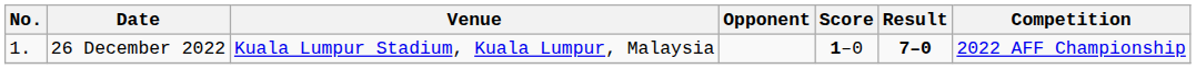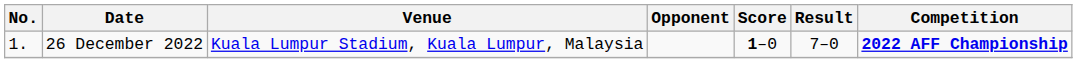 <table class="wikitable">
 <tr>
 <th>No.</th>
 <th>Date</th>
 <th>Venue</th>
 <th>Opponent</th>
 <th>Score</th>
 <th>Result</th>
 <th>Competition</th>
 </tr>
 <tr>
 <td>1.</td>
 <td>26 December 2022</td>
 <td><a href='#'>Kuala Lumpur Stadium</a>, <a href='#'>Kuala Lumpur</a>, Malaysia</td>
 <td></td>
 <td align=center><strong>1</strong>–0</td>
-<td align=center><strong>7–0</strong></td>
-<td><a href='#'>2022 AFF Championship</a></td>
+<td align=center>7–0</td>
+<td><strong><a href='#'>2022 AFF Championship</a></strong></td>
 </tr>
 <tr>
 </tr>
 </table>
